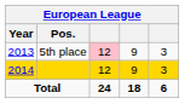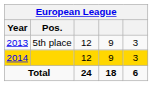 <table class="wikitable" style="text-align: center;font-size:90%;">
 <tr>
 <th colspan=5><a href='#'>European League</a></th>
 </tr>
 <tr>
 <th>Year</th>
 <th>Pos.</th>
 <th width=30></th>
 <th width=30></th>
 <th width=30></th>
 </tr>
 <tr>
 <td> <a href='#'>2013</a></td>
 <td>5th place</td>
-<td style="background: pink;">12</td>
+<td>12</td>
 <td>9</td>
 <td>3</td>
 </tr>
 <tr bgcolor="#FFD700">
 <td> <a href='#'>2014</a></td>
 <td></td>
 <td>12</td>
 <td>9</td>
 <td>3</td>
 </tr>
 <tr>
 <td colspan=2><strong>Total</strong></td>
 <td><strong>24</strong></td>
 <td><strong>18</strong></td>
 <td><strong>6</strong></td>
 </tr>
 </table>
